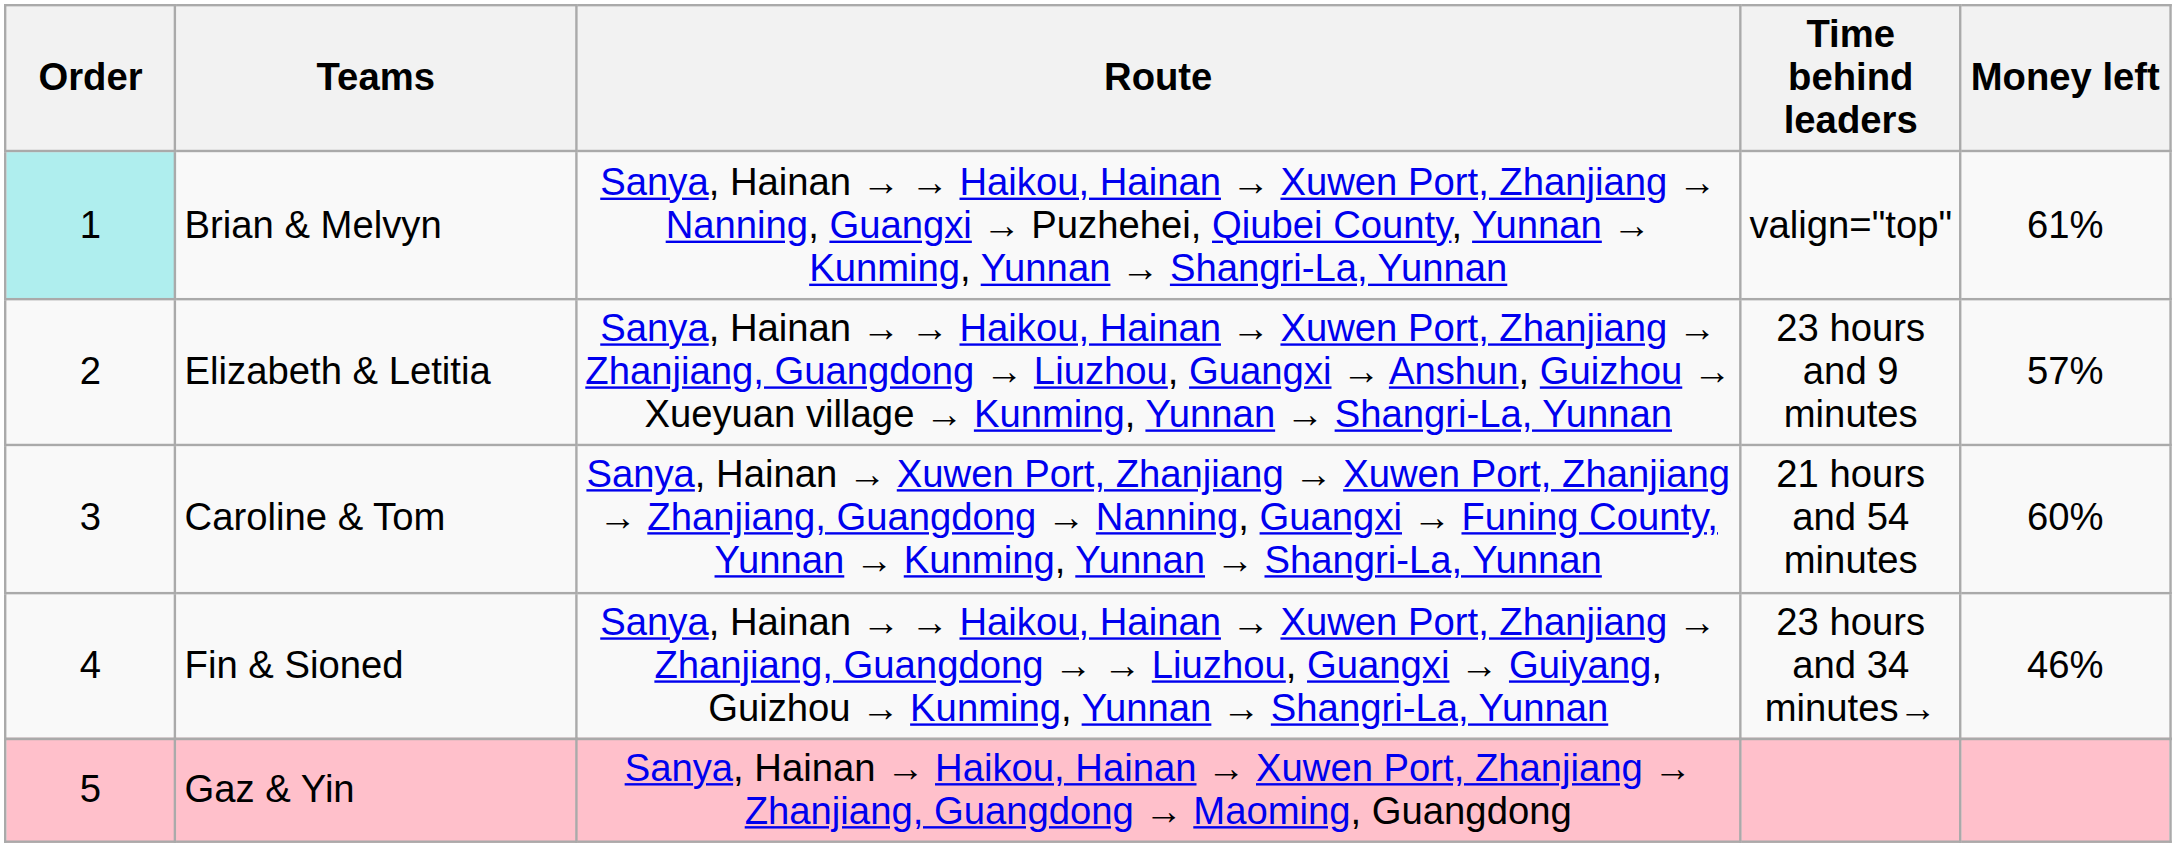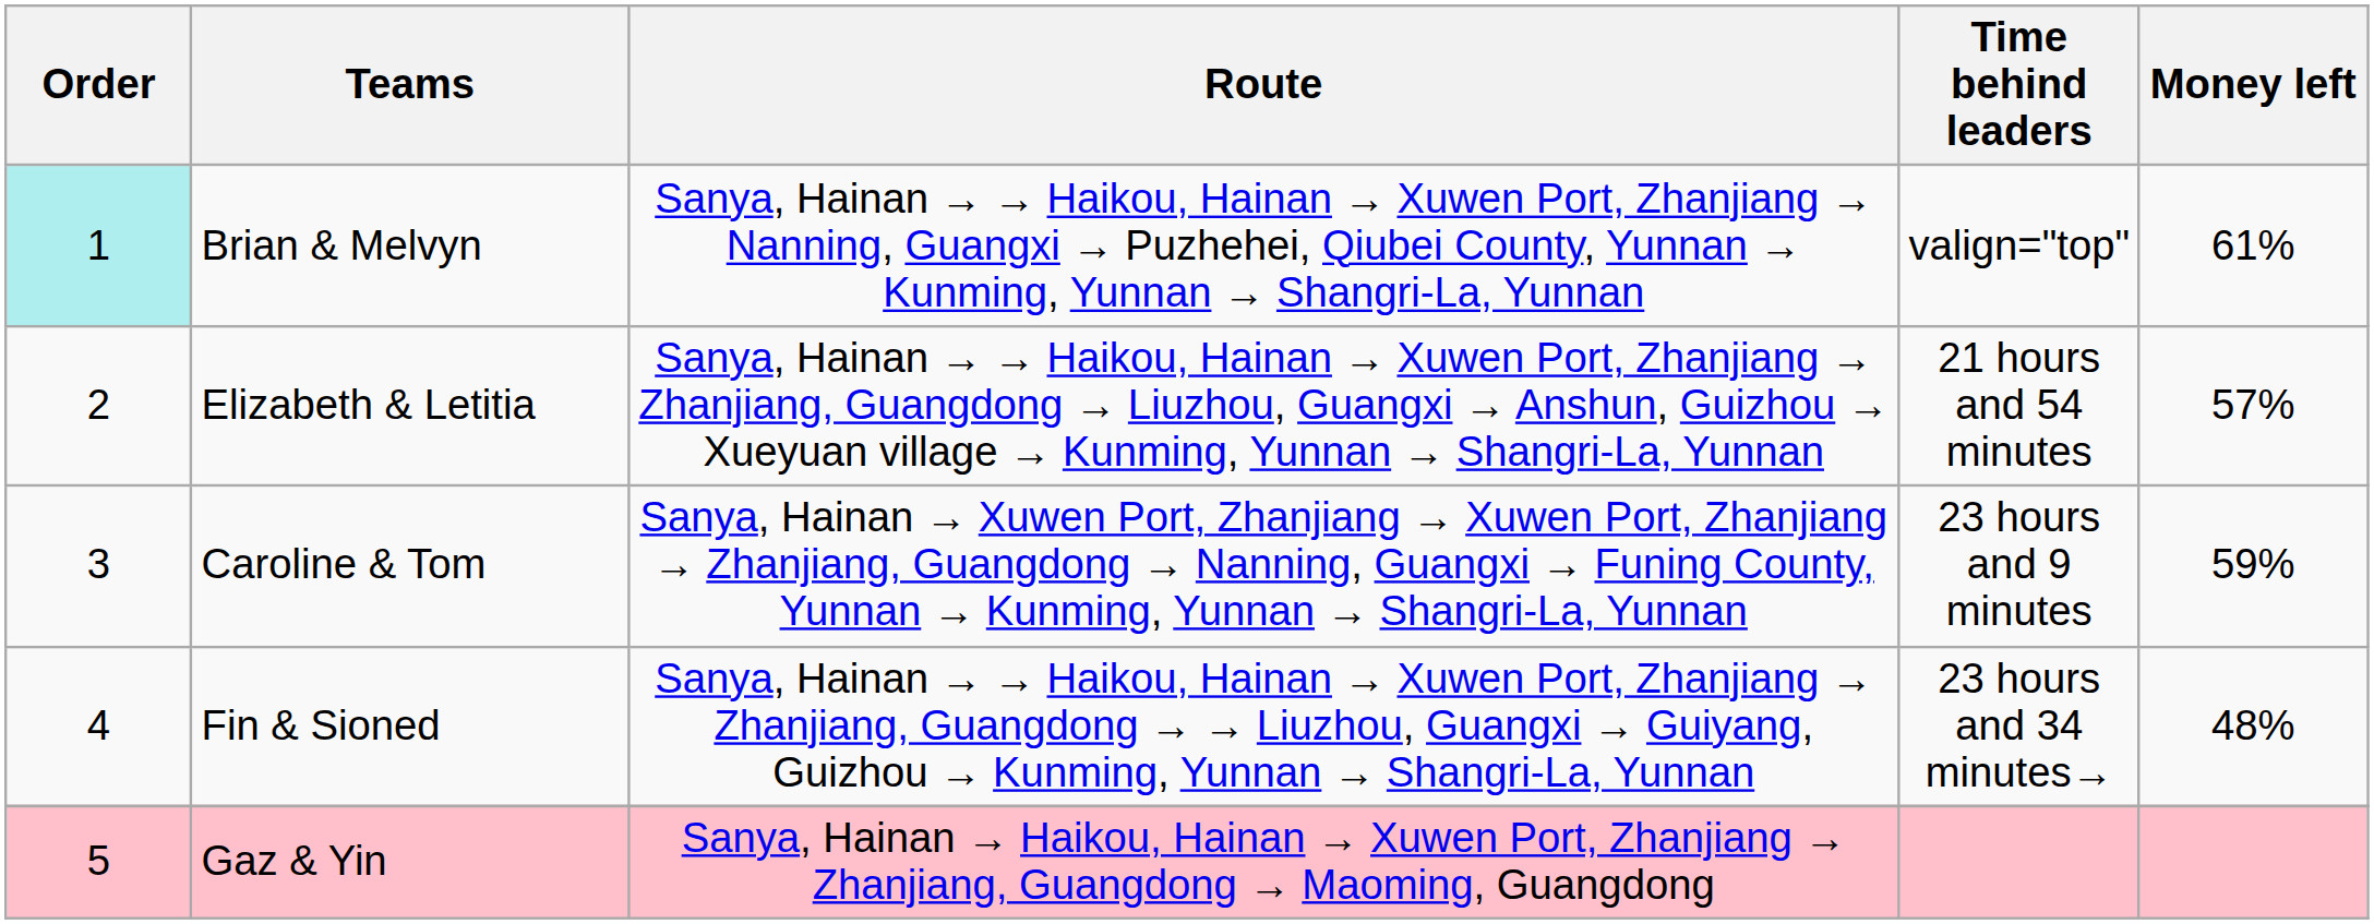 <table class="wikitable sortable" style="text-align:center">
 <tr>
 <th style="width:4em">Order</th>
 <th style="width:10em">Teams</th>
 <th style="width:30em">Route</th>
 <th style="width:5em">Time behind leaders</th>
 <th style="width:5em">Money left</th>
 </tr>
 <tr>
 <td style="background: paleturquoise;">1</td>
 <td style="text-align:left">Brian & Melvyn</td>
 <td><a href='#'>Sanya</a>, Hainan →  → <a href='#'>Haikou, Hainan</a>    → <a href='#'>Xuwen Port, Zhanjiang</a>  → <a href='#'>Nanning</a>, <a href='#'>Guangxi</a>  → Puzhehei, <a href='#'>Qiubei County</a>, <a href='#'>Yunnan</a>   → <a href='#'>Kunming</a>, <a href='#'>Yunnan</a> →  <a href='#'>Shangri-La, Yunnan</a></td>
 <td>valign="top" </td>
 <td>61%</td>
 </tr>
 <tr>
 <td>2</td>
 <td style="text-align:left">Elizabeth & Letitia</td>
 <td><a href='#'>Sanya</a>, Hainan → → <a href='#'>Haikou, Hainan</a>  →  <a href='#'>Xuwen Port, Zhanjiang</a>  →  <a href='#'>Zhanjiang, Guangdong</a>   →  <a href='#'>Liuzhou</a>, <a href='#'>Guangxi</a>    → <a href='#'>Anshun</a>, <a href='#'>Guizhou</a>   → Xueyuan village  → <a href='#'>Kunming</a>, <a href='#'>Yunnan</a>  →  <a href='#'>Shangri-La, Yunnan</a></td>
-<td>23 hours and 9 minutes</td>
+<td>21 hours and 54 minutes</td>
 <td>57%</td>
 </tr>
 <tr>
 <td>3</td>
 <td style="text-align:left">Caroline & Tom</td>
 <td><a href='#'>Sanya</a>, Hainan  → <a href='#'>Xuwen Port, Zhanjiang</a>   → <a href='#'>Xuwen Port, Zhanjiang</a>  → <a href='#'>Zhanjiang, Guangdong</a>  → <a href='#'>Nanning</a>, <a href='#'>Guangxi</a> → <a href='#'>Funing County, Yunnan</a>   → <a href='#'>Kunming</a>, <a href='#'>Yunnan</a> →  <a href='#'>Shangri-La, Yunnan</a></td>
-<td>21 hours and 54 minutes</td>
-<td>60%</td>
+<td>23 hours and 9 minutes</td>
+<td>59%</td>
 </tr>
 <tr>
 <td>4</td>
 <td style="text-align:left">Fin & Sioned</td>
 <td><a href='#'>Sanya</a>, Hainan →  → <a href='#'>Haikou, Hainan</a>  → <a href='#'>Xuwen Port, Zhanjiang</a>   →  <a href='#'>Zhanjiang, Guangdong</a>   →  → <a href='#'>Liuzhou</a>, <a href='#'>Guangxi</a>    → <a href='#'>Guiyang</a>, Guizhou   → <a href='#'>Kunming</a>, <a href='#'>Yunnan</a> →  <a href='#'>Shangri-La, Yunnan</a></td>
 <td>23 hours and 34 minutes→</td>
-<td>46%</td>
+<td>48%</td>
 </tr>
 <tr>
 </tr>
 <tr style="background:pink">
 <td>5</td>
 <td style="text-align:left">Gaz & Yin</td>
 <td><a href='#'>Sanya</a>, Hainan → <a href='#'>Haikou, Hainan</a>  → <a href='#'>Xuwen Port, Zhanjiang</a> → <a href='#'>Zhanjiang, Guangdong</a> → <a href='#'>Maoming</a>, Guangdong</td>
 <td></td>
 <td></td>
 </tr>
 </table>
